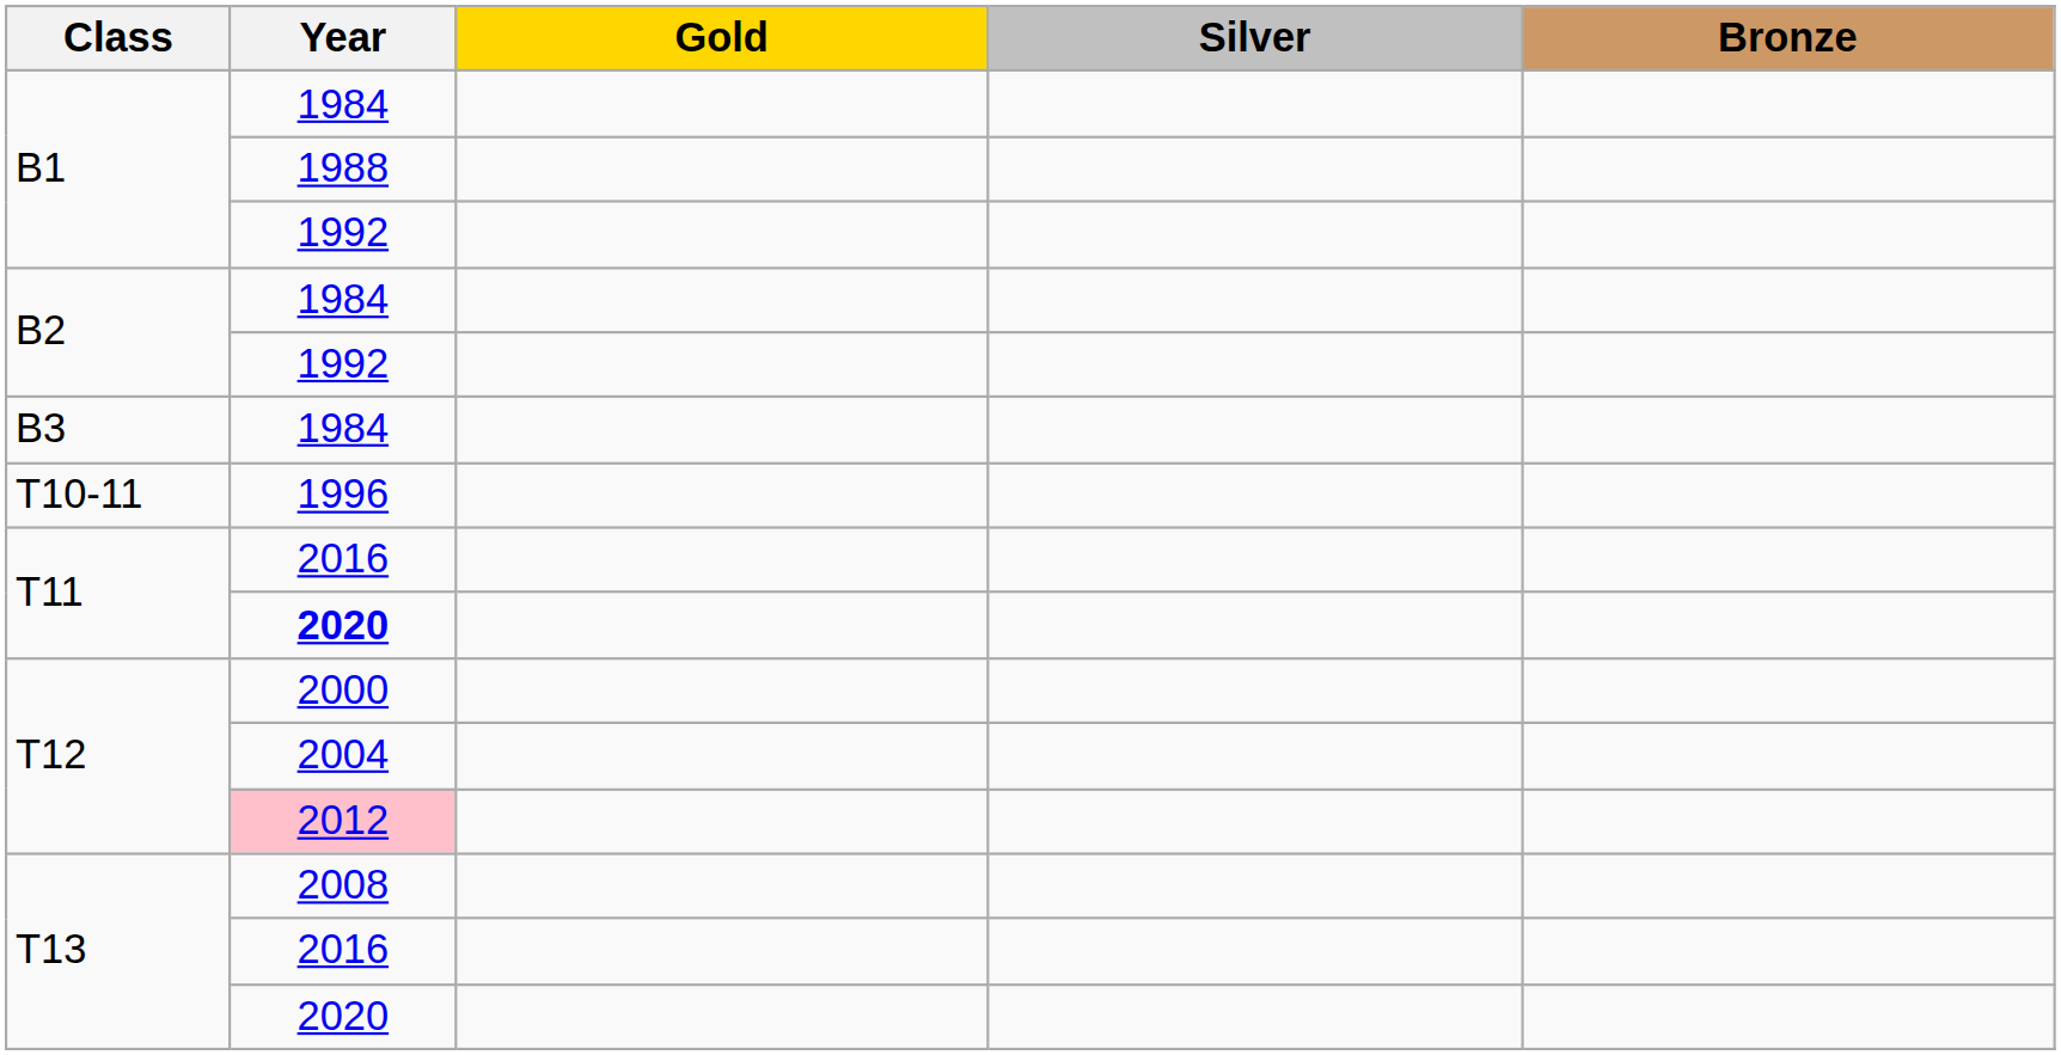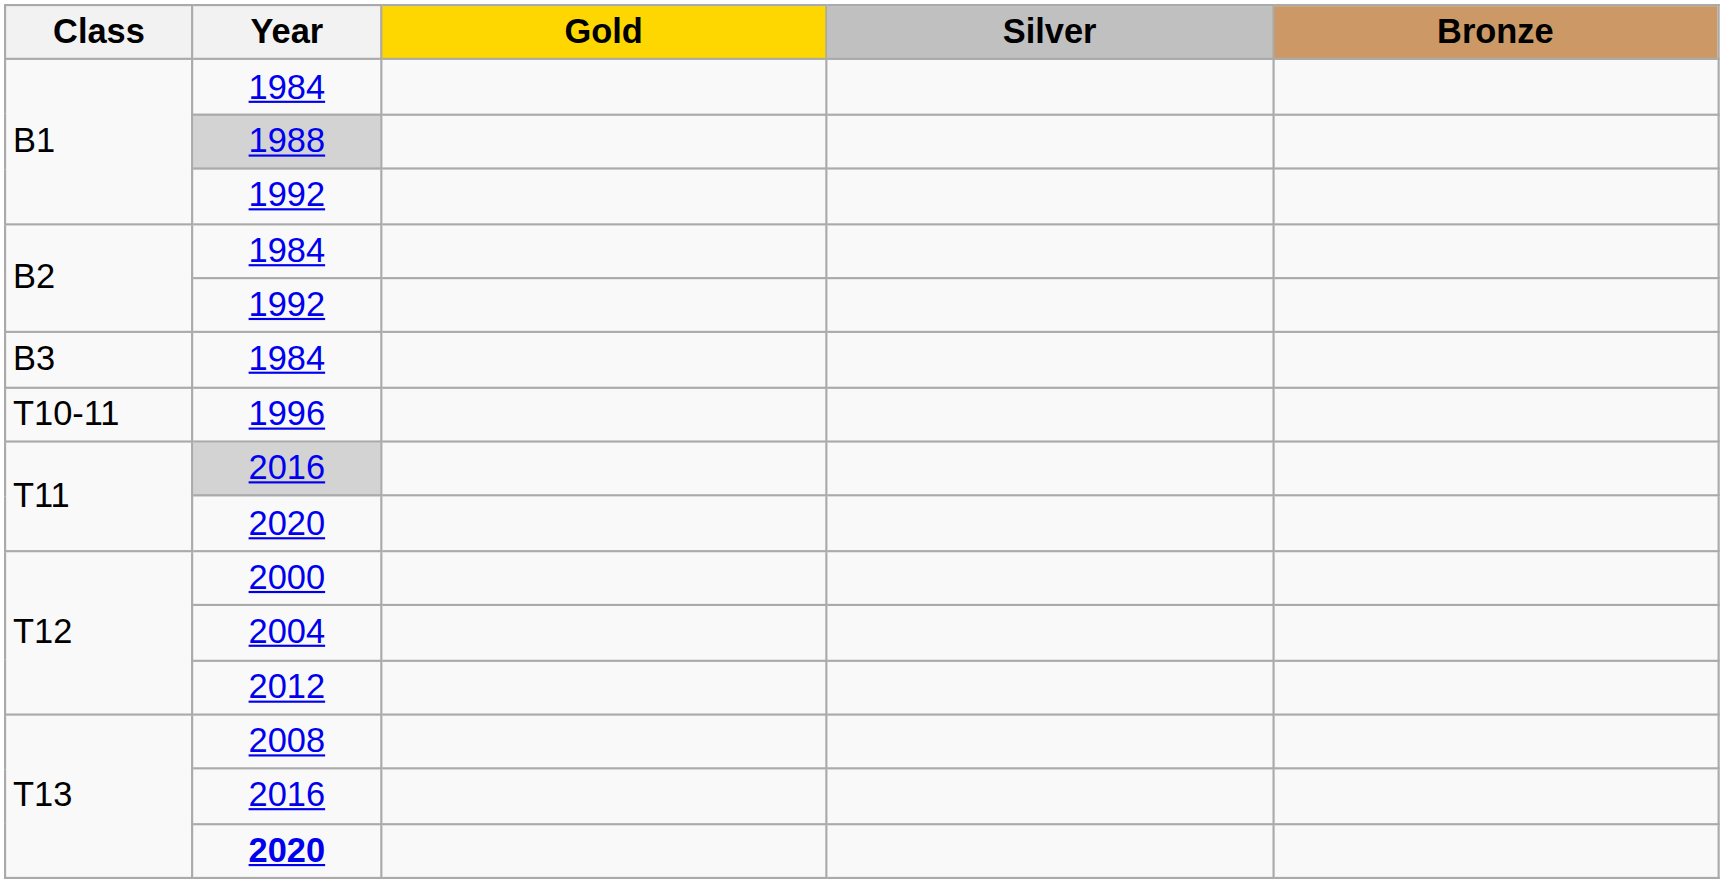 <table class="wikitable">
 <tr>
 <th width=80>Class</th>
 <th width=80>Year</th>
 <td align=center width=200 bgcolor=gold><strong>Gold</strong></td>
 <td align=center width=200 bgcolor=silver><strong>Silver</strong></td>
 <td align=center width=200 bgcolor=cc9966><strong>Bronze</strong></td>
 </tr>
 <tr>
 <td rowspan=3>B1</td>
 <td align=center><a href='#'>1984</a></td>
 <td></td>
 <td></td>
 <td></td>
 </tr>
 <tr>
-<td align=center><a href='#'>1988</a></td>
+<td align=center style="background: lightgrey;"><a href='#'>1988</a></td>
 <td></td>
 <td></td>
 <td></td>
 </tr>
 <tr>
 <td align=center><a href='#'>1992</a></td>
 <td></td>
 <td></td>
 <td></td>
 </tr>
 <tr>
 <td rowspan=2>B2</td>
 <td align=center><a href='#'>1984</a></td>
 <td></td>
 <td></td>
 <td></td>
 </tr>
 <tr>
 <td align=center><a href='#'>1992</a></td>
 <td></td>
 <td></td>
 <td></td>
 </tr>
 <tr>
 <td>B3</td>
 <td align=center><a href='#'>1984</a></td>
 <td></td>
 <td></td>
 <td></td>
 </tr>
 <tr>
 <td>T10-11</td>
 <td align=center><a href='#'>1996</a></td>
 <td></td>
 <td></td>
 <td></td>
 </tr>
 <tr>
 <td rowspan=2>T11</td>
-<td align=center><a href='#'>2016</a></td>
+<td align=center style="background: lightgrey;"><a href='#'>2016</a></td>
 <td></td>
 <td></td>
 <td></td>
 </tr>
 <tr>
-<td align=center><strong><a href='#'>2020</a></strong></td>
+<td align=center><a href='#'>2020</a></td>
 <td></td>
 <td></td>
 <td></td>
 </tr>
 <tr>
 <td rowspan=3>T12</td>
 <td align=center><a href='#'>2000</a></td>
 <td></td>
 <td></td>
 <td></td>
 </tr>
 <tr>
 <td align=center><a href='#'>2004</a></td>
 <td></td>
 <td></td>
 <td></td>
 </tr>
 <tr>
-<td align=center style="background: pink;"><a href='#'>2012</a></td>
+<td align=center><a href='#'>2012</a></td>
 <td></td>
 <td></td>
 <td></td>
 </tr>
 <tr>
 <td rowspan=3>T13</td>
 <td align=center><a href='#'>2008</a></td>
 <td></td>
 <td></td>
 <td></td>
 </tr>
 <tr>
 <td align=center><a href='#'>2016</a></td>
 <td></td>
 <td></td>
 <td></td>
 </tr>
 <tr>
-<td align=center><a href='#'>2020</a></td>
+<td align=center><strong><a href='#'>2020</a></strong></td>
 <td></td>
 <td></td>
 <td></td>
 </tr>
 </table>
